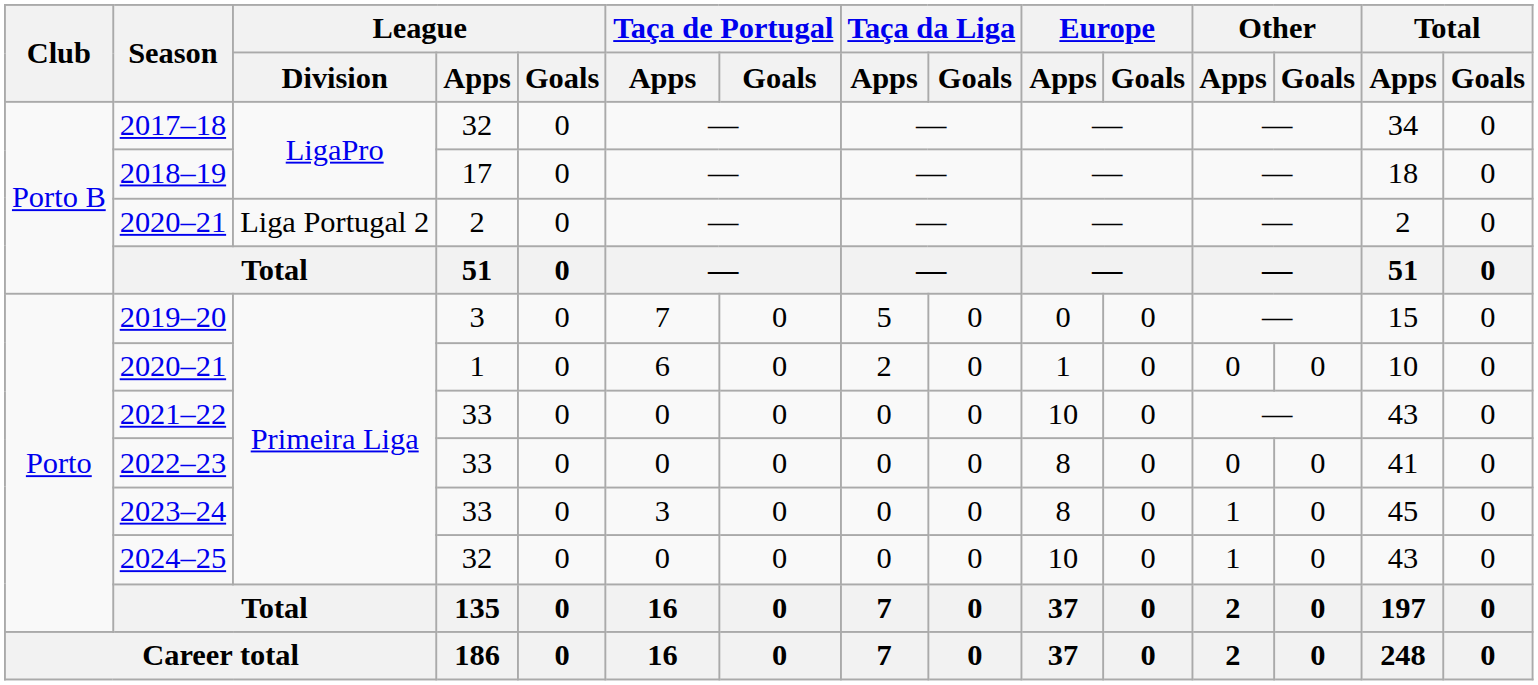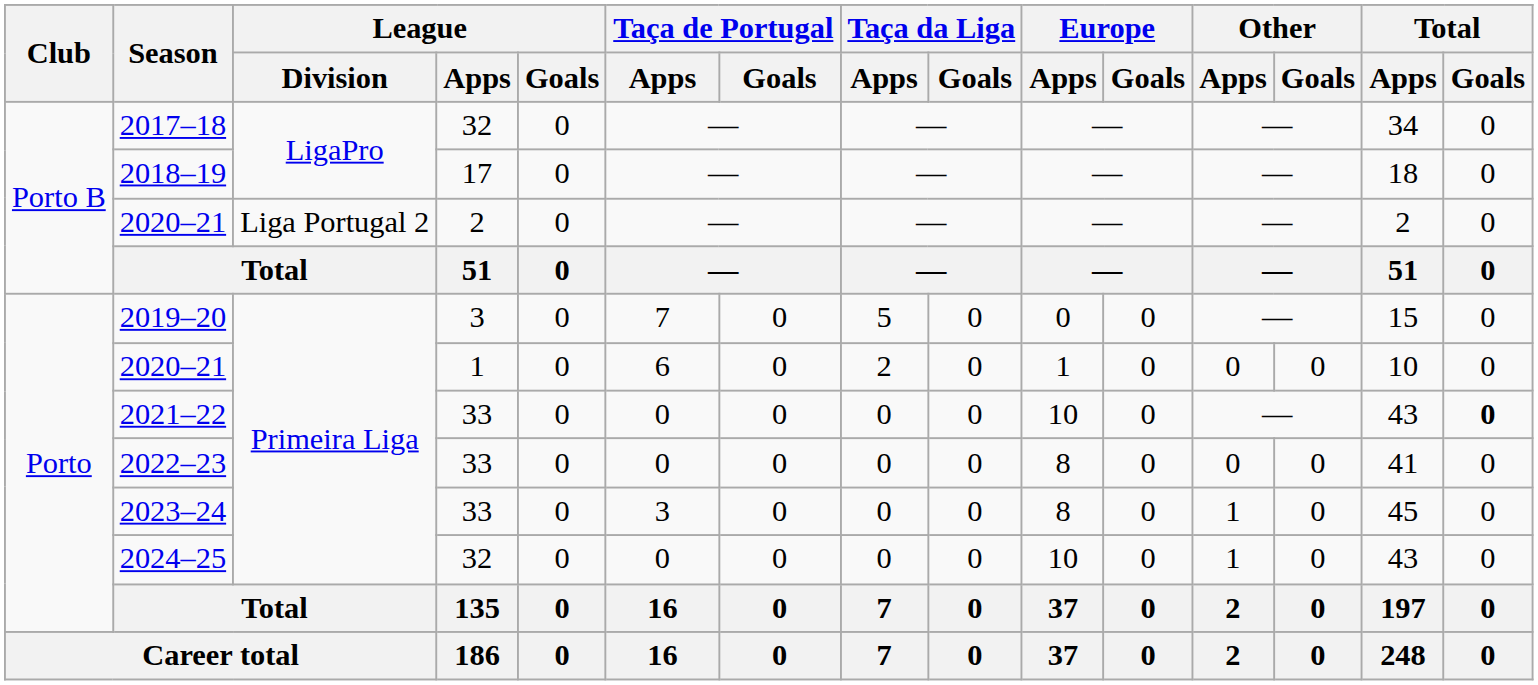 <table class="wikitable" style="text-align:center">
 <tr>
 <th rowspan="2">Club</th>
 <th rowspan="2">Season</th>
 <th colspan="3">League</th>
 <th colspan="2"><a href='#'>Taça de Portugal</a></th>
 <th colspan="2"><a href='#'>Taça da Liga</a></th>
 <th colspan="2"><a href='#'>Europe</a></th>
 <th colspan="2">Other</th>
 <th colspan="2">Total</th>
 </tr>
 <tr>
 <th>Division</th>
 <th>Apps</th>
 <th>Goals</th>
 <th>Apps</th>
 <th>Goals</th>
 <th>Apps</th>
 <th>Goals</th>
 <th>Apps</th>
 <th>Goals</th>
 <th>Apps</th>
 <th>Goals</th>
 <th>Apps</th>
 <th>Goals</th>
 </tr>
 <tr>
 <td rowspan="4"><a href='#'>Porto B</a></td>
 <td><a href='#'>2017–18</a></td>
 <td rowspan="2"><a href='#'>LigaPro</a></td>
 <td>32</td>
 <td>0</td>
 <td colspan="2">—</td>
 <td colspan="2">—</td>
 <td colspan="2">—</td>
 <td colspan="2">—</td>
 <td>34</td>
 <td>0</td>
 </tr>
 <tr>
 <td><a href='#'>2018–19</a></td>
 <td>17</td>
 <td>0</td>
 <td colspan="2">—</td>
 <td colspan="2">—</td>
 <td colspan="2">—</td>
 <td colspan="2">—</td>
 <td>18</td>
 <td>0</td>
 </tr>
 <tr>
 <td><a href='#'>2020–21</a></td>
 <td>Liga Portugal 2</td>
 <td>2</td>
 <td>0</td>
 <td colspan="2">—</td>
 <td colspan="2">—</td>
 <td colspan="2">—</td>
 <td colspan="2">—</td>
 <td>2</td>
 <td>0</td>
 </tr>
 <tr>
 <th colspan="2">Total</th>
 <th>51</th>
 <th>0</th>
 <th colspan="2">—</th>
 <th colspan="2">—</th>
 <th colspan="2">—</th>
 <th colspan="2">—</th>
 <th>51</th>
 <th>0</th>
 </tr>
 <tr>
 <td rowspan="7"><a href='#'>Porto</a></td>
 <td><a href='#'>2019–20</a></td>
 <td rowspan="6"><a href='#'>Primeira Liga</a></td>
 <td>3</td>
 <td>0</td>
 <td>7</td>
 <td>0</td>
 <td>5</td>
 <td>0</td>
 <td>0</td>
 <td>0</td>
 <td colspan="2">—</td>
 <td>15</td>
 <td>0</td>
 </tr>
 <tr>
 <td><a href='#'>2020–21</a></td>
 <td>1</td>
 <td>0</td>
 <td>6</td>
 <td>0</td>
 <td>2</td>
 <td>0</td>
 <td>1</td>
 <td>0</td>
 <td>0</td>
 <td>0</td>
 <td>10</td>
 <td>0</td>
 </tr>
 <tr>
 <td><a href='#'>2021–22</a></td>
 <td>33</td>
 <td>0</td>
 <td>0</td>
 <td>0</td>
 <td>0</td>
 <td>0</td>
 <td>10</td>
 <td>0</td>
 <td colspan="2">—</td>
 <td>43</td>
-<td>0</td>
+<td><strong>0</strong></td>
 </tr>
 <tr>
 <td><a href='#'>2022–23</a></td>
 <td>33</td>
 <td>0</td>
 <td>0</td>
 <td>0</td>
 <td>0</td>
 <td>0</td>
 <td>8</td>
 <td>0</td>
 <td>0</td>
 <td>0</td>
 <td>41</td>
 <td>0</td>
 </tr>
 <tr>
 <td><a href='#'>2023–24</a></td>
 <td>33</td>
 <td>0</td>
 <td>3</td>
 <td>0</td>
 <td>0</td>
 <td>0</td>
 <td>8</td>
 <td>0</td>
 <td>1</td>
 <td>0</td>
 <td>45</td>
 <td>0</td>
 </tr>
 <tr>
 <td><a href='#'>2024–25</a></td>
 <td>32</td>
 <td>0</td>
 <td>0</td>
 <td>0</td>
 <td>0</td>
 <td>0</td>
 <td>10</td>
 <td>0</td>
 <td>1</td>
 <td>0</td>
 <td>43</td>
 <td>0</td>
 </tr>
 <tr>
 <th colspan="2">Total</th>
 <th>135</th>
 <th>0</th>
 <th>16</th>
 <th>0</th>
 <th>7</th>
 <th>0</th>
 <th>37</th>
 <th>0</th>
 <th>2</th>
 <th>0</th>
 <th>197</th>
 <th>0</th>
 </tr>
 <tr>
 <th colspan="3">Career total</th>
 <th>186</th>
 <th>0</th>
 <th>16</th>
 <th>0</th>
 <th>7</th>
 <th>0</th>
 <th>37</th>
 <th>0</th>
 <th>2</th>
 <th>0</th>
 <th>248</th>
 <th>0</th>
 </tr>
 </table>
